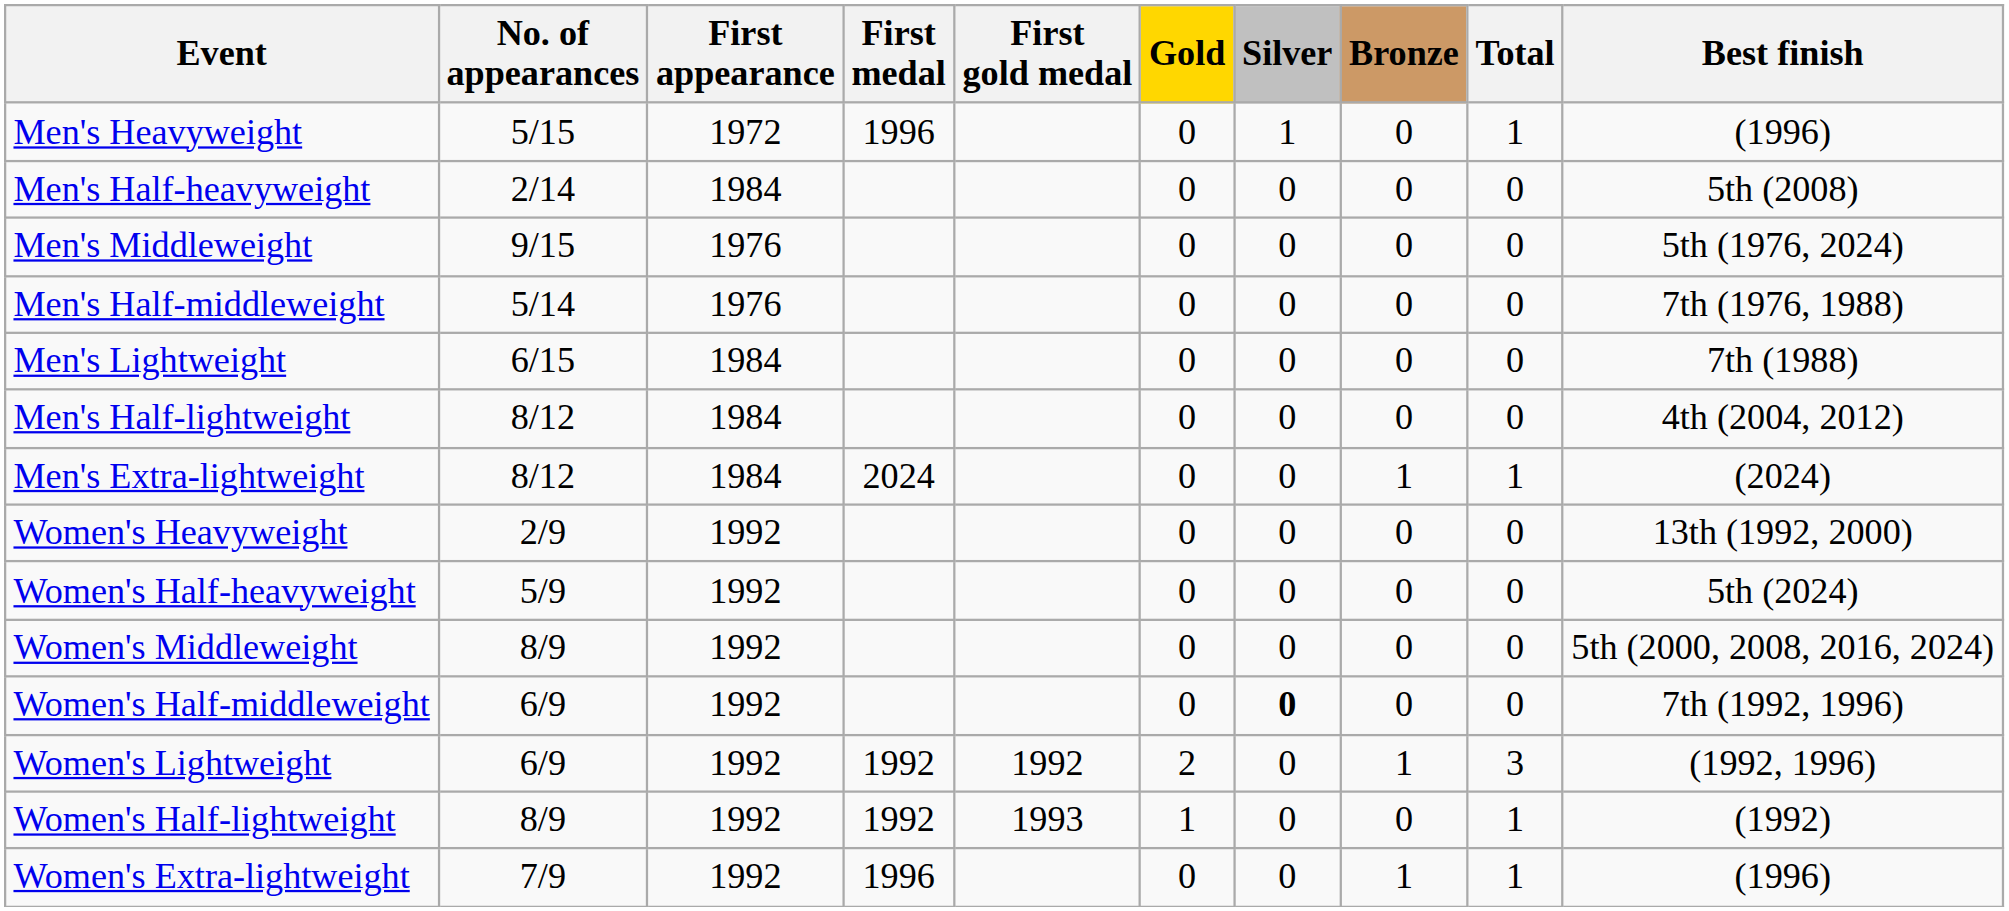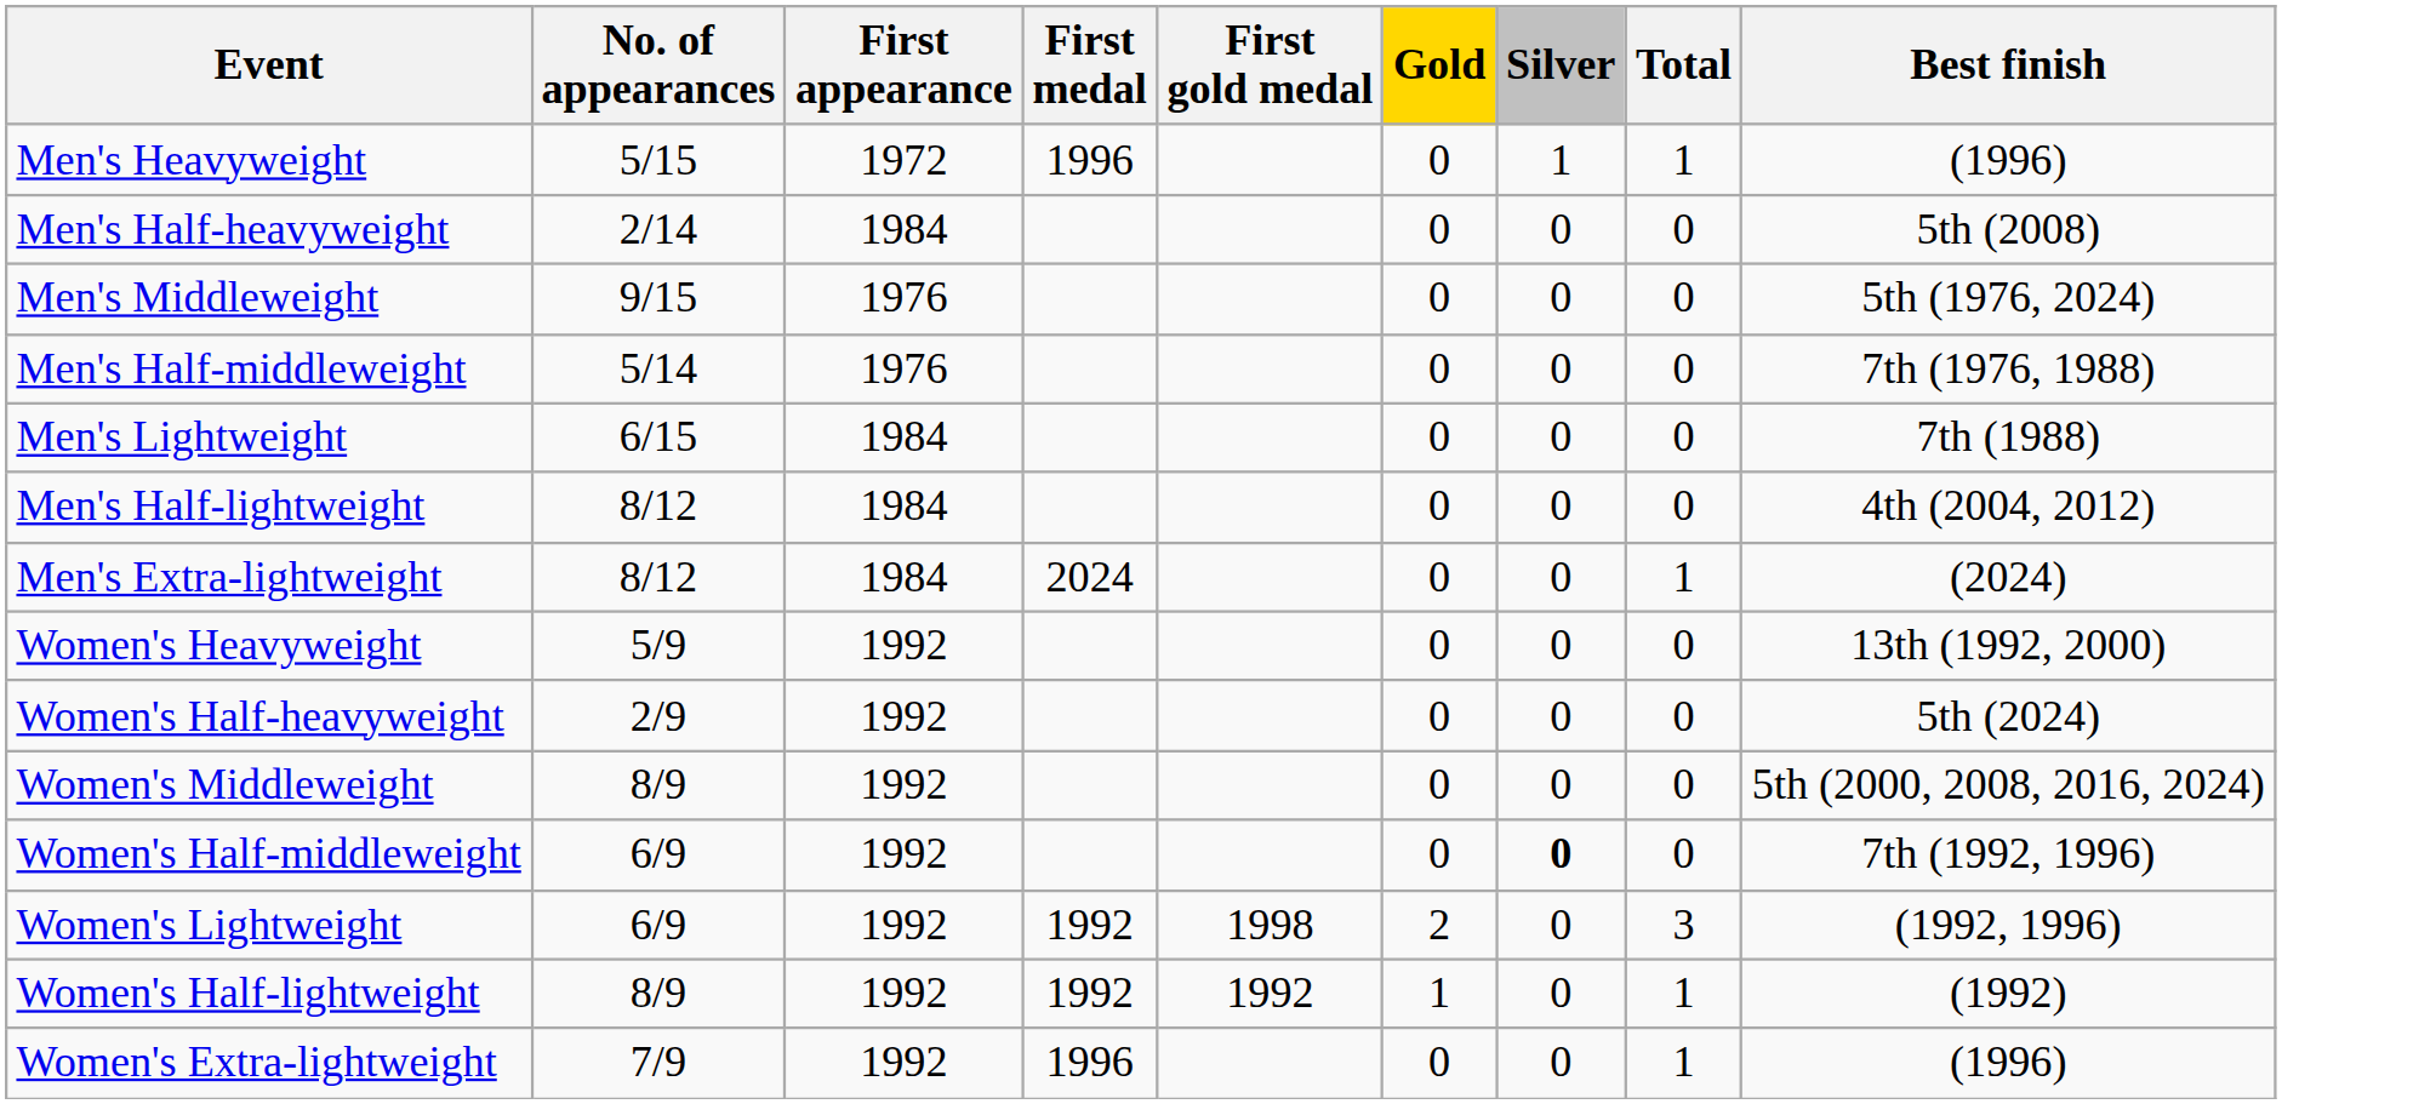 <table class="wikitable sortable" style="text-align:center">
 <tr>
 <th>Event</th>
 <th>No. of<br>appearances</th>
 <th>First<br>appearance</th>
 <th>First<br>medal</th>
 <th>First<br>gold medal</th>
 <th style="background-color:gold;">Gold</th>
 <th style="background-color:silver;">Silver</th>
-<th style="background-color:#c96;">Bronze</th>
 <th>Total</th>
 <th>Best finish</th>
 </tr>
 <tr>
 <td align=left><a href='#'>Men's Heavyweight</a></td>
 <td>5/15</td>
 <td>1972</td>
 <td>1996</td>
 <td></td>
 <td>0</td>
 <td>1</td>
-<td>0</td>
 <td>1</td>
 <td> (1996)</td>
 </tr>
 <tr>
 <td align=left><a href='#'>Men's Half-heavyweight</a></td>
 <td>2/14</td>
 <td>1984</td>
 <td></td>
 <td></td>
-<td>0</td>
 <td>0</td>
 <td>0</td>
 <td>0</td>
 <td>5th (2008)</td>
 </tr>
 <tr>
 <td align=left><a href='#'>Men's Middleweight</a></td>
 <td>9/15</td>
 <td>1976</td>
 <td></td>
 <td></td>
 <td>0</td>
 <td>0</td>
 <td>0</td>
-<td>0</td>
 <td>5th (1976, 2024)</td>
 </tr>
 <tr>
 <td align=left><a href='#'>Men's Half-middleweight</a></td>
 <td>5/14</td>
 <td>1976</td>
 <td></td>
 <td></td>
-<td>0</td>
 <td>0</td>
 <td>0</td>
 <td>0</td>
 <td>7th (1976, 1988)</td>
 </tr>
 <tr>
 <td align=left><a href='#'>Men's Lightweight</a></td>
 <td>6/15</td>
 <td>1984</td>
 <td></td>
 <td></td>
 <td>0</td>
 <td>0</td>
 <td>0</td>
-<td>0</td>
 <td>7th (1988)</td>
 </tr>
 <tr>
 <td align=left><a href='#'>Men's Half-lightweight</a></td>
 <td>8/12</td>
 <td>1984</td>
 <td></td>
 <td></td>
-<td>0</td>
 <td>0</td>
 <td>0</td>
 <td>0</td>
 <td>4th (2004, 2012)</td>
 </tr>
 <tr>
 <td align=left><a href='#'>Men's Extra-lightweight</a></td>
 <td>8/12</td>
 <td>1984</td>
 <td>2024</td>
 <td></td>
 <td>0</td>
 <td>0</td>
 <td>1</td>
-<td>1</td>
 <td> (2024)</td>
 </tr>
 <tr>
 <td align=left><a href='#'>Women's Heavyweight</a></td>
-<td>2/9</td>
+<td>5/9</td>
 <td>1992</td>
 <td></td>
 <td></td>
-<td>0</td>
 <td>0</td>
 <td>0</td>
 <td>0</td>
 <td>13th (1992, 2000)</td>
 </tr>
 <tr>
 <td align=left><a href='#'>Women's Half-heavyweight</a></td>
-<td>5/9</td>
+<td>2/9</td>
 <td>1992</td>
 <td></td>
 <td></td>
-<td>0</td>
 <td>0</td>
 <td>0</td>
 <td>0</td>
 <td>5th (2024)</td>
 </tr>
 <tr>
 <td align=left><a href='#'>Women's Middleweight</a></td>
 <td>8/9</td>
 <td>1992</td>
 <td></td>
 <td></td>
 <td>0</td>
 <td>0</td>
 <td>0</td>
-<td>0</td>
 <td>5th (2000, 2008, 2016, 2024)</td>
 </tr>
 <tr>
 <td align=left><a href='#'>Women's Half-middleweight</a></td>
 <td>6/9</td>
 <td>1992</td>
 <td></td>
 <td></td>
 <td>0</td>
 <td><strong>0</strong></td>
 <td>0</td>
-<td>0</td>
 <td>7th (1992, 1996)</td>
 </tr>
 <tr>
 <td align=left><a href='#'>Women's Lightweight</a></td>
 <td>6/9</td>
 <td>1992</td>
 <td>1992</td>
-<td>1992</td>
+<td>1998</td>
 <td>2</td>
 <td>0</td>
-<td>1</td>
 <td>3</td>
 <td> (1992, 1996)</td>
 </tr>
 <tr>
 <td align=left><a href='#'>Women's Half-lightweight</a></td>
 <td>8/9</td>
 <td>1992</td>
 <td>1992</td>
-<td>1993</td>
+<td>1992</td>
 <td>1</td>
-<td>0</td>
 <td>0</td>
 <td>1</td>
 <td> (1992)</td>
 </tr>
 <tr>
 <td align=left><a href='#'>Women's Extra-lightweight</a></td>
 <td>7/9</td>
 <td>1992</td>
 <td>1996</td>
 <td></td>
 <td>0</td>
 <td>0</td>
 <td>1</td>
-<td>1</td>
 <td> (1996)</td>
 </tr>
 </table>
